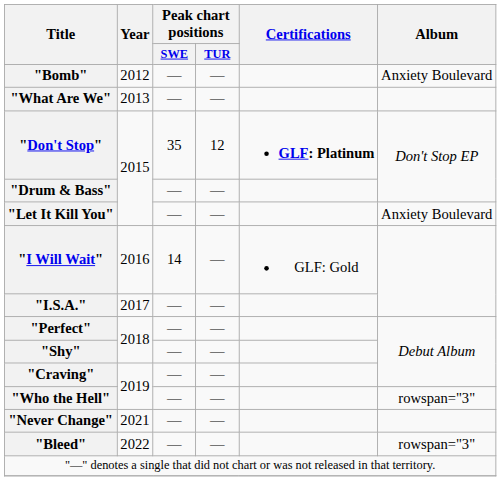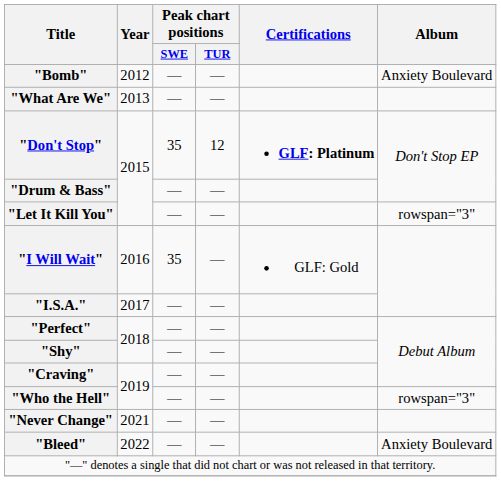 <table class="wikitable plainrowheaders" style="text-align:center;">
 <tr>
 <th scope="col" rowspan="2">Title</th>
 <th scope="col" rowspan="2">Year</th>
 <th scope="col" colspan="2">Peak chart positions</th>
 <th scope="col" rowspan="2"><a href='#'>Certifications</a></th>
 <th scope="col" rowspan="2">Album</th>
 </tr>
 <tr>
 <th scope="col" style="width:3em;font-size:85%;"><a href='#'>SWE</a><br></th>
 <th scope="col" style="width:3em;font-size:85%;"><a href='#'>TUR</a><br></th>
 </tr>
 <tr>
 <th scope="row">"Bomb"</th>
 <td>2012</td>
 <td>—</td>
 <td>—</td>
 <td></td>
 <td rowspan="1">Anxiety Boulevard</td>
 </tr>
 <tr>
 <th scope="row">"What Are We"</th>
 <td>2013</td>
 <td>—</td>
 <td>—</td>
 <td></td>
 </tr>
 <tr>
 <th scope="row">"<a href='#'>Don't Stop</a>"</th>
 <td rowspan="3">2015</td>
 <td>35</td>
 <td>12</td>
 <td><strong><br><ul><li><a href='#'>GLF</a>: Platinum</li></ul></strong></td>
 <td rowspan="2"><em>Don't Stop EP</em></td>
 </tr>
 <tr>
 <th scope="row">"Drum & Bass"</th>
 <td>—</td>
 <td>—</td>
 <td></td>
 </tr>
 <tr>
 <th scope="row">"Let It Kill You"</th>
 <td>—</td>
 <td>—</td>
 <td></td>
-<td rowspan="1">Anxiety Boulevard</td>
+<td>rowspan="3" </td>
 </tr>
 <tr>
 <th scope="row">"<a href='#'>I Will Wait</a>"</th>
 <td>2016</td>
-<td>14</td>
+<td>35</td>
 <td>—</td>
 <td><br><ul><li>GLF: Gold</li></ul></td>
 </tr>
 <tr>
 <th scope="row">"I.S.A."</th>
 <td rowspan="1">2017</td>
 <td>—</td>
 <td>—</td>
 <td></td>
 </tr>
 <tr>
 <th scope="row">"Perfect"</th>
 <td rowspan="2">2018</td>
 <td>—</td>
 <td>—</td>
 <td></td>
 <td rowspan="3"><em>Debut Album</em></td>
 </tr>
 <tr>
 <th scope="row">"Shy"</th>
 <td>—</td>
 <td>—</td>
 <td></td>
 </tr>
 <tr>
 <th scope="row">"Craving"</th>
 <td rowspan="2">2019</td>
 <td>—</td>
 <td>—</td>
 <td></td>
 </tr>
 <tr>
 <th scope="row">"Who the Hell"</th>
 <td>—</td>
 <td>—</td>
 <td></td>
 <td>rowspan="3" </td>
 </tr>
 <tr>
 <th scope="row">"Never Change"</th>
 <td rowspan="1">2021</td>
 <td>—</td>
 <td>—</td>
 <td></td>
 </tr>
 <tr>
 <th scope="row">"Bleed"</th>
 <td rowspan="1">2022</td>
 <td>—</td>
 <td>—</td>
 <td></td>
-<td>rowspan="3" </td>
+<td rowspan="1">Anxiety Boulevard</td>
 </tr>
 <tr>
 <td colspan="10" style="font-size:85%">"—" denotes a single that did not chart or was not released in that territory.</td>
 </tr>
 <tr>
 </tr>
 </table>
